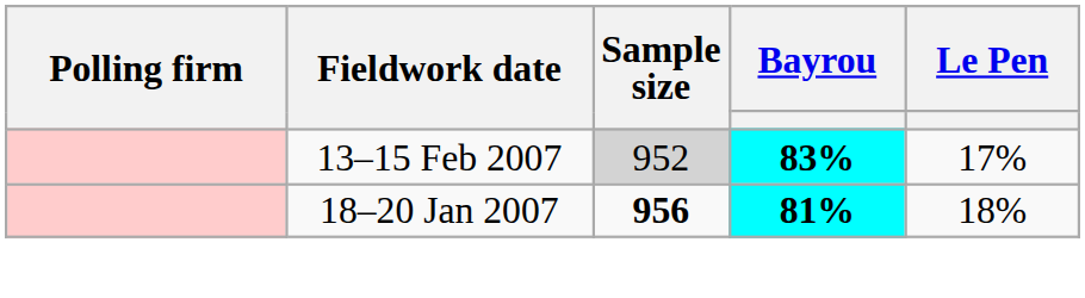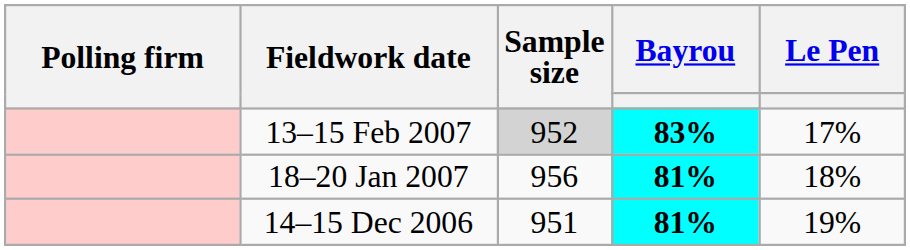 <table class="wikitable sortable" style="text-align:center;font-size:90%;line-height:14px;">
 <tr style="height:40px;">
 <th style="width:100px;" rowspan="2">Polling firm</th>
 <th style="width:110px;" rowspan="2">Fieldwork date</th>
 <th style="width:35px;" rowspan="2">Sample<br>size</th>
 <th class="unsortable" style="width:60px;"><a href='#'>Bayrou</a><br></th>
 <th class="unsortable" style="width:60px;"><a href='#'>Le Pen</a><br></th>
 </tr>
 <tr>
 <th style="background:"></th>
 <th style="background:"></th>
 </tr>
 <tr>
 <td style="background:#FFCCCC;"></td>
 <td data-sort-value="2007-02-15">13–15 Feb 2007</td>
 <td style="background: lightgrey;">952</td>
 <td style="background:#00FFFF;"><strong>83%</strong></td>
 <td>17%</td>
 </tr>
 <tr>
 <td style="background:#FFCCCC;"></td>
 <td data-sort-value="2007-01-20">18–20 Jan 2007</td>
-<td><strong>956</strong></td>
+<td>956</td>
 <td style="background:#00FFFF;"><strong>81%</strong></td>
 <td>18%</td>
 </tr>
+<tr>
+<td style="background:#FFCCCC;"></td>
+<td data-sort-value="2006-12-15">14–15 Dec 2006</td>
+<td>951</td>
+<td style="background:#00FFFF;"><strong>81%</strong></td>
+<td>19%</td>
+</tr>
 </table>
